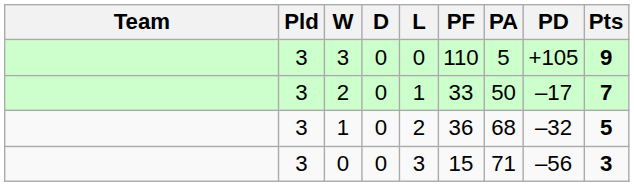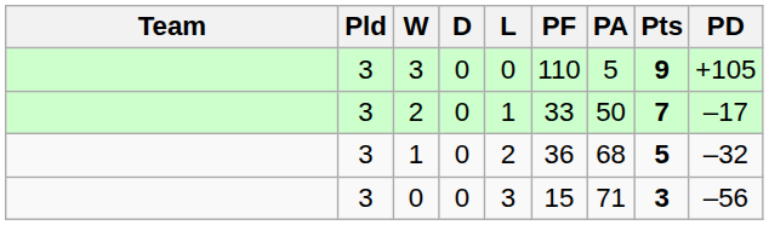 <table class="wikitable" style="text-align:center;">
 <tr>
 <th width=190>Team</th>
 <th width=20 abbr="Played">Pld</th>
 <th width=20 abbr="Won">W</th>
 <th width=20 abbr="Drawn">D</th>
 <th width=20 abbr="Lost">L</th>
 <th width=20 abbr="Points for">PF</th>
 <th width=20 abbr="Points against">PA</th>
+<th width=20 abbr="Points">Pts</th>
 <th width=25 abbr="Points difference">PD</th>
-<th width=20 abbr="Points">Pts</th>
 </tr>
 <tr style="background:#ccffcc">
 <td align=left></td>
 <td>3</td>
 <td>3</td>
 <td>0</td>
 <td>0</td>
 <td>110</td>
 <td>5</td>
+<td><strong>9</strong></td>
 <td>+105</td>
-<td><strong>9</strong></td>
 </tr>
 <tr style="background:#ccffcc">
 <td align=left></td>
 <td>3</td>
 <td>2</td>
 <td>0</td>
 <td>1</td>
 <td>33</td>
 <td>50</td>
+<td><strong>7</strong></td>
 <td>–17</td>
-<td><strong>7</strong></td>
 </tr>
 <tr>
 <td align=left></td>
 <td>3</td>
 <td>1</td>
 <td>0</td>
 <td>2</td>
 <td>36</td>
 <td>68</td>
+<td><strong>5</strong></td>
 <td>–32</td>
-<td><strong>5</strong></td>
 </tr>
 <tr>
 <td align=left></td>
 <td>3</td>
 <td>0</td>
 <td>0</td>
 <td>3</td>
 <td>15</td>
 <td>71</td>
+<td><strong>3</strong></td>
 <td>–56</td>
-<td><strong>3</strong></td>
 </tr>
 </table>
